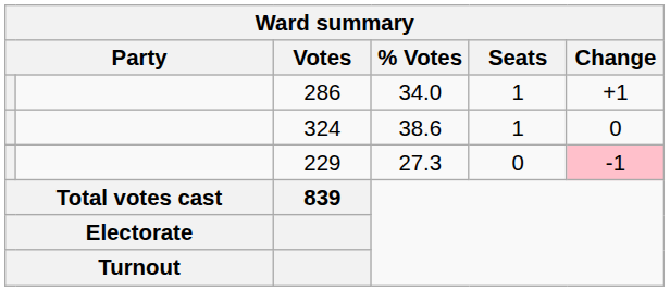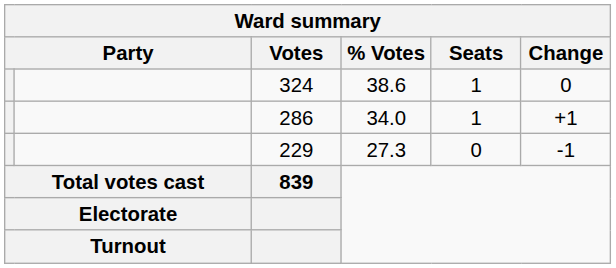 <table class="wikitable" style="font-size: 95%;">
 <tr>
 <th colspan="6">Ward summary</th>
 </tr>
 <tr>
 <th colspan="2">Party</th>
 <th style="width: 60px">Votes</th>
 <th style="width: 60px">% Votes</th>
 <th style="width: 60px">Seats</th>
 <th style="width: 60px">Change</th>
 </tr>
 <tr>
 <th style="background-color: "></th>
 <td style="width: 170px"><a href='#'></a></td>
+<td align="center">324</td>
+<td align="center">38.6</td>
+<td align="center">1</td>
+<td align="center">0</td>
+</tr>
+<tr>
+<th style="background-color: "></th>
+<td style="width: 170px"><a href='#'></a></td>
 <td align="center">286</td>
 <td align="center">34.0</td>
 <td align="center">1</td>
 <td align="center">+1</td>
 </tr>
 <tr>
 <th style="background-color: "></th>
 <td style="width: 170px"><a href='#'></a></td>
-<td align="center">324</td>
-<td align="center">38.6</td>
-<td align="center">1</td>
-<td align="center">0</td>
-</tr>
-<tr>
-<th style="background-color: "></th>
-<td style="width: 170px"><a href='#'></a></td>
 <td align="center">229</td>
 <td align="center">27.3</td>
 <td align="center">0</td>
-<td align="center" style="background: pink;">-1</td>
+<td align="center">-1</td>
 </tr>
 <tr style="background-color:#E9E9E9">
 <th colspan="2">Total votes cast</th>
 <th style="width: 60px">839</th>
 </tr>
 <tr style="background-color:#E9E9E9">
 <th colspan="2">Electorate</th>
 <th style="width: 60px"></th>
 </tr>
 <tr style="background-color:#E9E9E9">
 <th colspan="2">Turnout</th>
 <th style="width: 60px"></th>
 </tr>
 </table>
